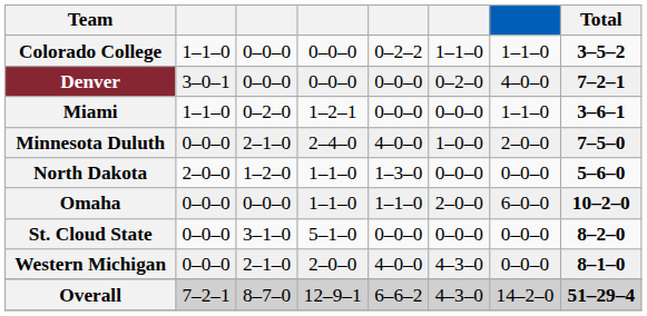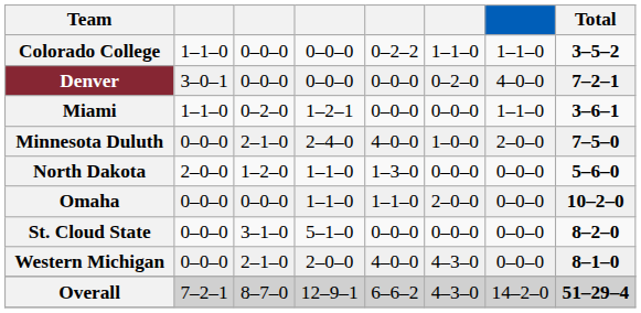 <table class="wikitable" style="text-align: center; "width=60%">
 <tr>
 <th>Team</th>
 <th><a href='#'></a></th>
 <th><a href='#'></a></th>
 <th><a href='#'></a></th>
 <th><a href='#'></a></th>
 <th><a href='#'></a></th>
 <th style="color:white; background:#005EB8"><a href='#'></a></th>
 <th>Total</th>
 </tr>
 <tr>
 <th>Colorado College</th>
 <td>1–1–0</td>
 <td>0–0–0</td>
 <td>0–0–0</td>
 <td>0–2–2</td>
 <td>1–1–0</td>
 <td>1–1–0</td>
 <td><strong>3–5–2</strong></td>
 </tr>
 <tr bgcolor=f0f0f0>
 <th style="color:white; background:#862633; ">Denver</th>
 <td>3–0–1</td>
 <td>0–0–0</td>
 <td>0–0–0</td>
 <td>0–0–0</td>
 <td>0–2–0</td>
 <td>4–0–0</td>
 <td><strong>7–2–1</strong></td>
 </tr>
 <tr>
 <th>Miami</th>
 <td>1–1–0</td>
 <td>0–2–0</td>
 <td>1–2–1</td>
 <td>0–0–0</td>
 <td>0–0–0</td>
 <td>1–1–0</td>
 <td><strong>3–6–1</strong></td>
 </tr>
 <tr bgcolor=f0f0f0>
 <th>Minnesota Duluth</th>
 <td>0–0–0</td>
 <td>2–1–0</td>
 <td>2–4–0</td>
 <td>4–0–0</td>
 <td>1–0–0</td>
 <td>2–0–0</td>
 <td><strong>7–5–0</strong></td>
 </tr>
 <tr>
 <th>North Dakota</th>
 <td>2–0–0</td>
 <td>1–2–0</td>
 <td>1–1–0</td>
 <td>1–3–0</td>
 <td>0–0–0</td>
 <td>0–0–0</td>
 <td><strong>5–6–0</strong></td>
 </tr>
 <tr bgcolor=f0f0f0>
 <th>Omaha</th>
 <td>0–0–0</td>
 <td>0–0–0</td>
 <td>1–1–0</td>
 <td>1–1–0</td>
 <td>2–0–0</td>
-<td>6–0–0</td>
+<td>0–0–0</td>
 <td><strong>10–2–0</strong></td>
 </tr>
 <tr>
 <th>St. Cloud State</th>
 <td>0–0–0</td>
 <td>3–1–0</td>
 <td>5–1–0</td>
 <td>0–0–0</td>
 <td>0–0–0</td>
 <td>0–0–0</td>
 <td><strong>8–2–0</strong></td>
 </tr>
 <tr bgcolor=f0f0f0>
 <th>Western Michigan</th>
 <td>0–0–0</td>
 <td>2–1–0</td>
 <td>2–0–0</td>
 <td>4–0–0</td>
 <td>4–3–0</td>
 <td>0–0–0</td>
 <td><strong>8–1–0</strong></td>
 </tr>
 <tr>
 </tr>
 <tr bgcolor=d0d0d0>
 <th>Overall</th>
 <td>7–2–1</td>
 <td>8–7–0</td>
 <td>12–9–1</td>
 <td>6–6–2</td>
 <td>4–3–0</td>
 <td>14–2–0</td>
 <td><strong>51–29–4</strong></td>
 </tr>
 <tr>
 </tr>
 </table>
